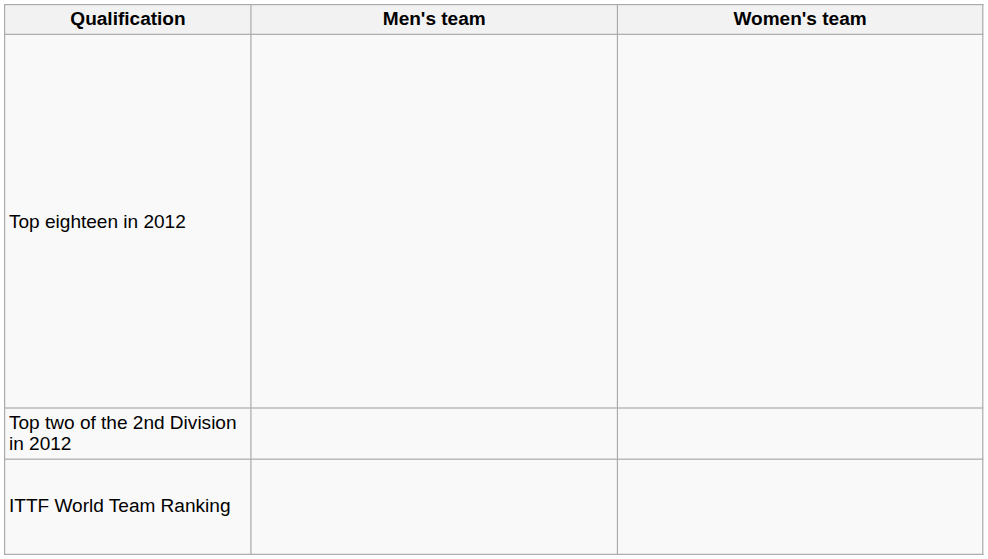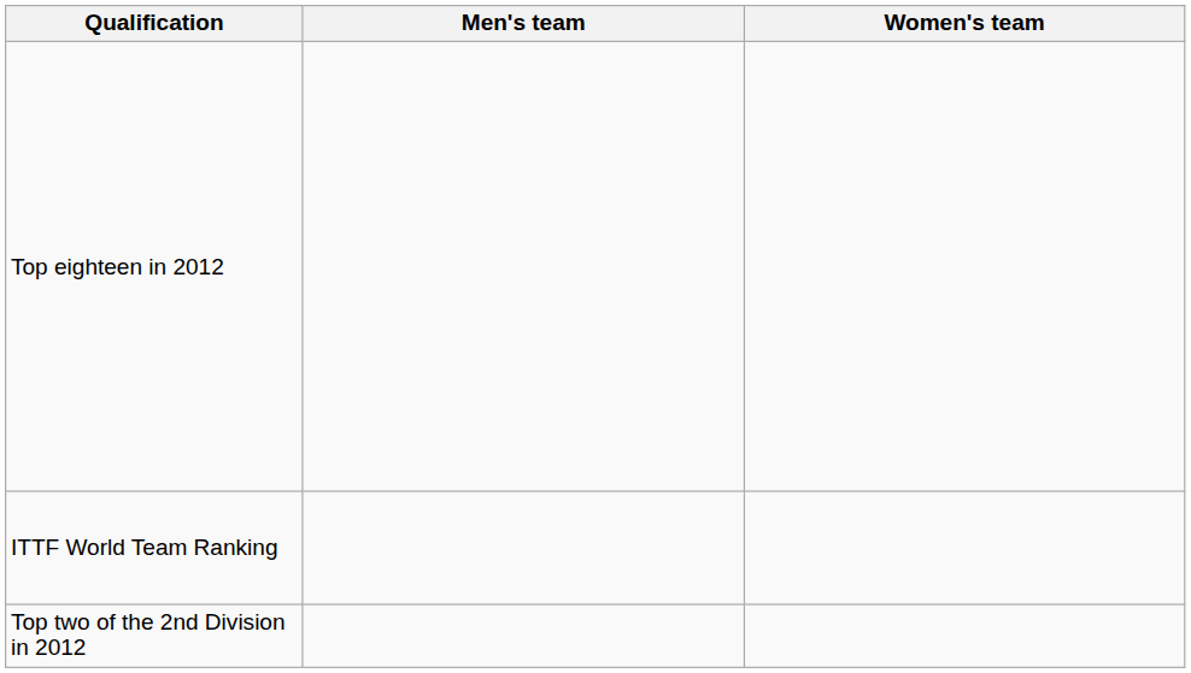 <table class="wikitable">
 <tr>
 <th width=200>Qualification</th>
 <th width=300>Men's team</th>
 <th width=300>Women's team</th>
 </tr>
 <tr>
 <td>Top eighteen in 2012</td>
 <td><br> <br><br><br><br><br><br><br><br>  <br><br><br><br><br><br><br><br> </td>
 <td><br> <br><br><br><br><br><br><br><br>  <br><br><br><br><br><br><br> </td>
 </tr>
 <tr>
+<td>ITTF World Team Ranking</td>
+<td><br><br><br></td>
+<td><br><br><br><br></td>
+</tr>
+<tr>
 <td>Top two of the 2nd Division in 2012</td>
 <td><br></td>
 <td><br></td>
 </tr>
-<tr>
-<td>ITTF World Team Ranking</td>
-<td><br><br><br></td>
-<td><br><br><br><br></td>
-</tr>
 </table>
